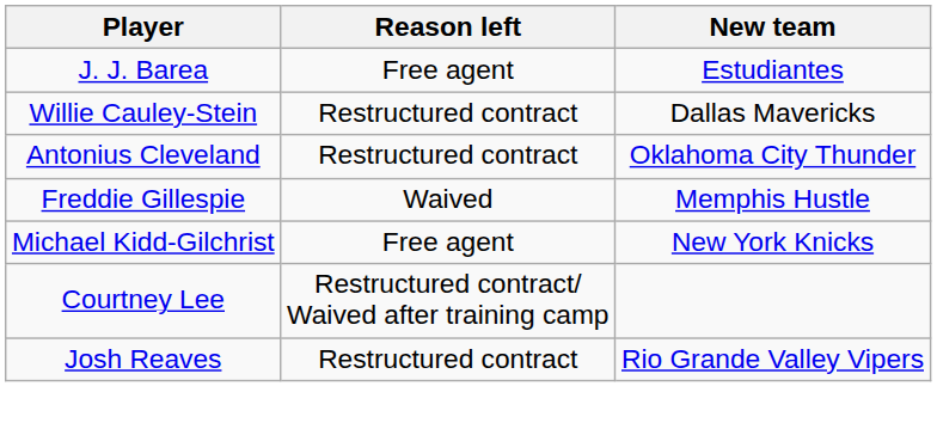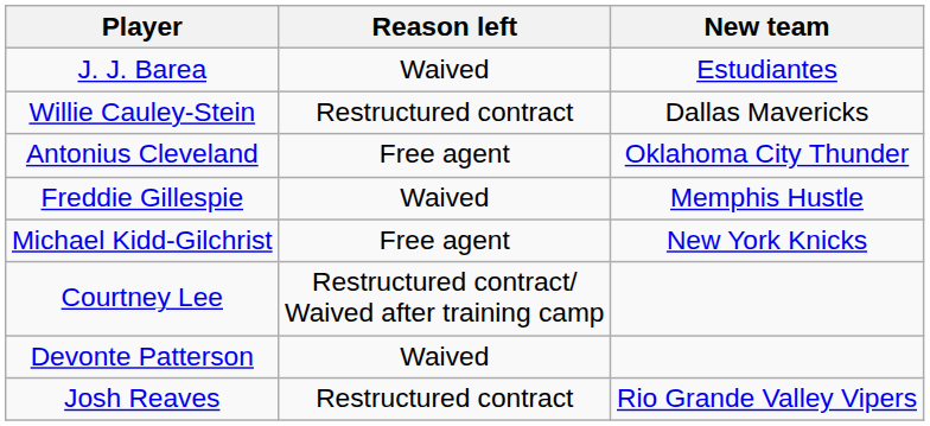 <table class="wikitable sortable sortable">
 <tr>
 <th>Player</th>
 <th>Reason left</th>
 <th>New team</th>
 </tr>
 <tr style="text-align: center">
 <td><a href='#'>J. J. Barea</a></td>
-<td>Free agent</td>
+<td>Waived</td>
 <td> <a href='#'>Estudiantes</a></td>
 </tr>
 <tr style="text-align: center">
 <td><a href='#'>Willie Cauley-Stein</a></td>
 <td>Restructured contract</td>
 <td>Dallas Mavericks</td>
 </tr>
 <tr style="text-align: center">
 <td><a href='#'>Antonius Cleveland</a></td>
-<td>Restructured contract</td>
+<td>Free agent</td>
 <td><a href='#'>Oklahoma City Thunder</a></td>
 </tr>
 <tr style="text-align: center">
 <td><a href='#'>Freddie Gillespie</a></td>
 <td>Waived</td>
 <td><a href='#'>Memphis Hustle</a></td>
 </tr>
 <tr style="text-align: center">
 <td><a href='#'>Michael Kidd-Gilchrist</a></td>
 <td>Free agent</td>
 <td><a href='#'>New York Knicks</a></td>
 </tr>
 <tr style="text-align: center">
 <td><a href='#'>Courtney Lee</a></td>
 <td>Restructured contract/<br>Waived after training camp</td>
 <td></td>
 </tr>
 <tr style="text-align: center">
+<td><a href='#'>Devonte Patterson</a></td>
+<td>Waived</td>
+<td></td>
+</tr>
+<tr style="text-align: center">
 <td><a href='#'>Josh Reaves</a></td>
 <td>Restructured contract</td>
 <td><a href='#'>Rio Grande Valley Vipers</a></td>
 </tr>
 </table>
